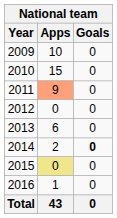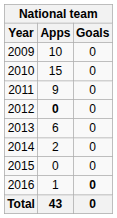 <table class="wikitable" style="text-align:center">
 <tr>
 <th colspan=3>National team</th>
 </tr>
 <tr>
 <th>Year</th>
 <th>Apps</th>
 <th>Goals</th>
 </tr>
 <tr>
 <td>2009</td>
 <td>10</td>
 <td>0</td>
 </tr>
 <tr>
 <td>2010</td>
 <td>15</td>
 <td>0</td>
 </tr>
 <tr>
 <td>2011</td>
-<td style="background: lightsalmon;">9</td>
+<td>9</td>
 <td>0</td>
 </tr>
 <tr>
 <td>2012</td>
-<td>0</td>
+<td><strong>0</strong></td>
 <td>0</td>
 </tr>
 <tr>
 <td>2013</td>
 <td>6</td>
 <td>0</td>
 </tr>
 <tr>
 <td>2014</td>
 <td>2</td>
-<td><strong>0</strong></td>
+<td>0</td>
 </tr>
 <tr>
 <td>2015</td>
-<td style="background: khaki;">0</td>
+<td>0</td>
 <td>0</td>
 </tr>
 <tr>
 <td>2016</td>
 <td>1</td>
-<td>0</td>
+<td><strong>0</strong></td>
 </tr>
 <tr>
 <th>Total</th>
 <th>43</th>
 <th>0</th>
 </tr>
 </table>
